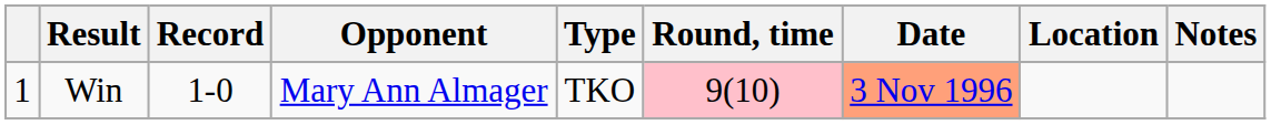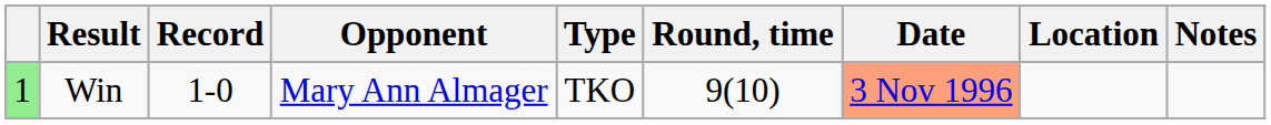 <table class="wikitable" style="text-align:center; font-size:95%">
 <tr>
 <th></th>
 <th>Result</th>
 <th>Record</th>
 <th>Opponent</th>
 <th>Type</th>
 <th>Round, time</th>
 <th>Date</th>
 <th>Location</th>
 <th>Notes</th>
 </tr>
 <tr>
-<td>1</td>
+<td style="background: lightgreen;">1</td>
 <td>Win</td>
 <td>1-0</td>
 <td style="text-align:left;"> <a href='#'>Mary Ann Almager</a></td>
 <td>TKO</td>
-<td style="background: pink;">9(10)</td>
+<td>9(10)</td>
 <td style="background: lightsalmon;"><a href='#'>3 Nov 1996</a></td>
 <td style="text-align:left;"> </td>
 <td style="text-align:left;"></td>
 </tr>
 <tr>
 </tr>
 </table>
